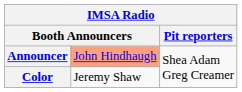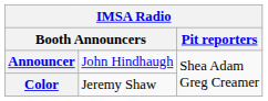 <table class="wikitable" style="font-size: 95%;">
 <tr>
 <th colspan=3><a href='#'>IMSA Radio</a></th>
 </tr>
 <tr>
 <th colspan=2>Booth Announcers</th>
 <th><a href='#'>Pit reporters</a></th>
 </tr>
 <tr>
 <th><a href='#'>Announcer</a></th>
-<td style="background: lightsalmon;"><a href='#'>John Hindhaugh</a></td>
+<td><a href='#'>John Hindhaugh</a></td>
 <td rowspan=2>Shea Adam<br>Greg Creamer</td>
 </tr>
 <tr>
 <th><a href='#'>Color</a></th>
 <td>Jeremy Shaw</td>
 </tr>
 </table>
